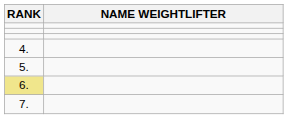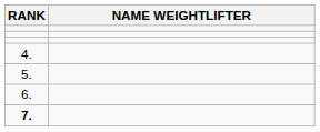 <table class="wikitable" style="font-size:95%;">
 <tr>
 <th>RANK</th>
 <th align="left" style="width: 20em">NAME WEIGHTLIFTER</th>
 </tr>
 <tr>
 <td align="center"></td>
 <td></td>
 </tr>
 <tr>
 <td align="center"></td>
 <td></td>
 </tr>
 <tr>
 <td align="center"></td>
 <td></td>
 </tr>
 <tr>
 <td align="center">4.</td>
 <td></td>
 </tr>
 <tr>
 <td align="center">5.</td>
 <td></td>
 </tr>
 <tr>
-<td align="center" style="background: khaki;">6.</td>
+<td align="center">6.</td>
 <td></td>
 </tr>
 <tr>
-<td align="center">7.</td>
+<td align="center"><strong>7.</strong></td>
 <td></td>
 </tr>
 </table>
